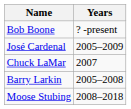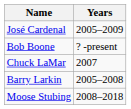 <table class="wikitable">
 <tr>
 <th>Name</th>
 <th>Years</th>
 </tr>
 <tr>
+<td><a href='#'>José Cardenal</a></td>
+<td>2005–2009</td>
+</tr>
+<tr>
 <td><a href='#'>Bob Boone</a></td>
 <td>? -present</td>
-</tr>
-<tr>
-<td><a href='#'>José Cardenal</a></td>
-<td>2005–2009</td>
 </tr>
 <tr>
 <td><a href='#'>Chuck LaMar</a></td>
 <td>2007</td>
 </tr>
 <tr>
 <td><a href='#'>Barry Larkin</a></td>
 <td>2005–2008</td>
 </tr>
 <tr>
 <td><a href='#'>Moose Stubing</a></td>
 <td>2008–2018</td>
 </tr>
 </table>
